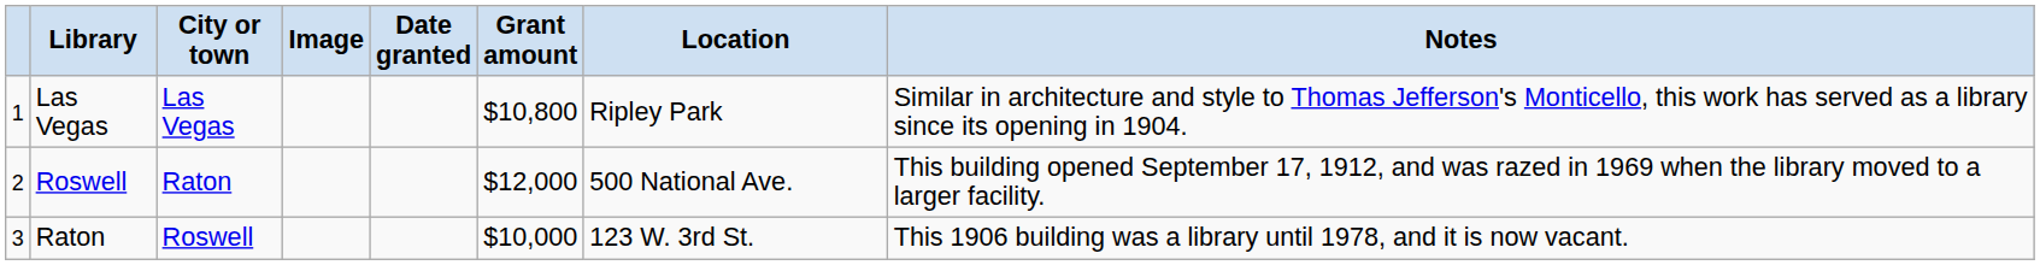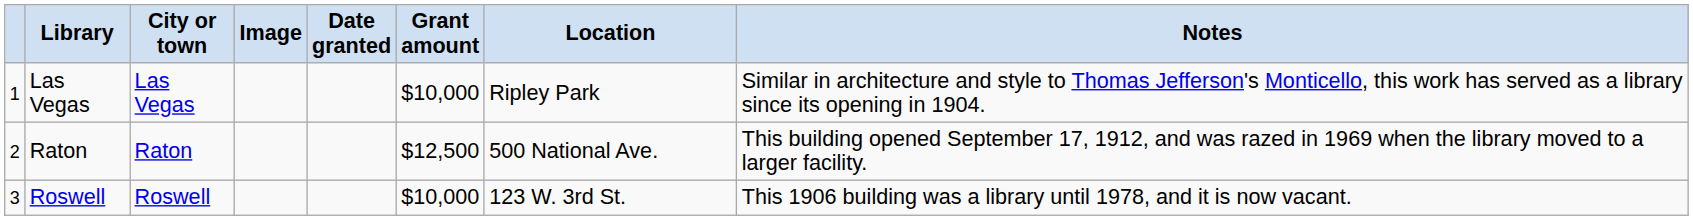 <table class="wikitable sortable" align="center">
 <tr>
 <th style="background-color:#CEE0F2;"></th>
 <th style="background-color:#CEE0F2;">Library</th>
 <th style="background-color:#CEE0F2;">City or<br>town</th>
 <th style="background-color:#CEE0F2;" class="unsortable">Image</th>
 <th style="background-color:#CEE0F2;">Date<br>granted</th>
 <th style="background-color:#CEE0F2;">Grant<br>amount</th>
 <th style="background-color:#CEE0F2;" width=15%>Location</th>
 <th style="background-color:#CEE0F2;" class="unsortable">Notes</th>
 </tr>
 <tr ->
 <td><small>1</small></td>
 <td>Las Vegas</td>
 <td><a href='#'>Las Vegas</a></td>
 <td></td>
 <td></td>
-<td align=right>$10,800</td>
+<td align=right>$10,000</td>
 <td>Ripley Park<br><small></small></td>
 <td>Similar in architecture and style to <a href='#'>Thomas Jefferson</a>'s <a href='#'>Monticello</a>, this work has served as a library since its opening in 1904.</td>
 </tr>
 <tr ->
 <td align=center><small>2</small></td>
-<td><a href='#'>Roswell</a></td>
+<td>Raton</td>
 <td><a href='#'>Raton</a></td>
 <td></td>
 <td></td>
-<td align=right>$12,000</td>
+<td align=right>$12,500</td>
 <td>500 National Ave.<br><small></small></td>
 <td>This building opened September 17, 1912, and was razed in 1969 when the library moved to a larger facility.</td>
 </tr>
 <tr ->
 <td align=center><small>3</small></td>
-<td>Raton</td>
+<td><a href='#'>Roswell</a></td>
 <td><a href='#'>Roswell</a></td>
 <td></td>
 <td></td>
 <td align=right>$10,000</td>
 <td>123 W. 3rd St.<br><small></small></td>
 <td>This 1906 building was a library until 1978, and it is now vacant.</td>
 </tr>
 </table>
